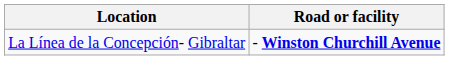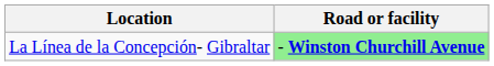 <table class="wikitable">
 <tr>
 <th>Location</th>
 <th>Road or facility</th>
 </tr>
 <tr>
 <td> <a href='#'>La Línea de la Concepción</a>- <a href='#'>Gibraltar</a></td>
-<td> - <strong><a href='#'>Winston Churchill Avenue</a></strong></td>
+<td style="background: lightgreen;"> - <strong><a href='#'>Winston Churchill Avenue</a></strong></td>
 </tr>
 </table>
